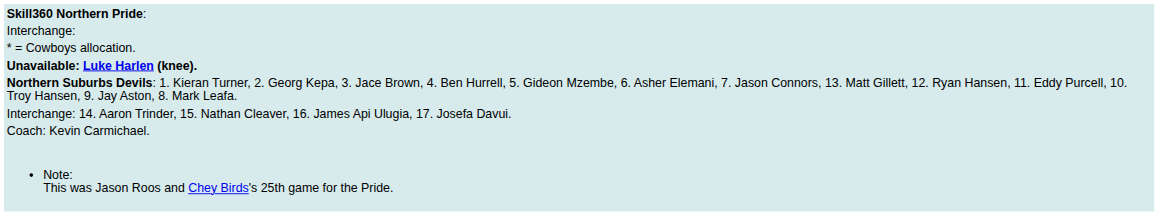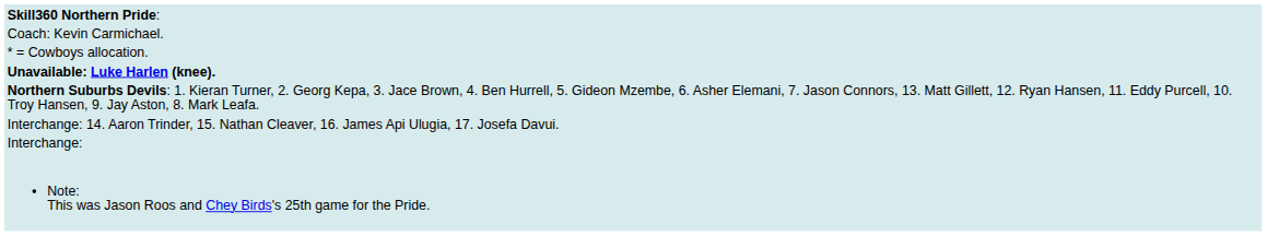 <table style="background:#d7ebed; font-size:85%; width:100%;">
 <tr>
 <td><strong>Skill360 Northern Pride</strong>:             </td>
 </tr>
 <tr>
-<td>Interchange:    </td>
+<td>Coach: Kevin Carmichael.</td>
 </tr>
 <tr>
 <td>* = Cowboys allocation.</td>
 </tr>
 <tr>
 <td><strong>Unavailable: <a href='#'>Luke Harlen</a> (knee).</strong></td>
 </tr>
 <tr>
 <td><strong>Northern Suburbs Devils</strong>: 1. Kieran Turner, 2. Georg Kepa, 3. Jace Brown, 4. Ben Hurrell, 5. Gideon Mzembe, 6. Asher Elemani, 7. Jason Connors, 13. Matt Gillett, 12. Ryan Hansen, 11. Eddy Purcell, 10. Troy Hansen, 9. Jay Aston, 8. Mark Leafa.</td>
 </tr>
 <tr>
 <td>Interchange: 14. Aaron Trinder, 15. Nathan Cleaver, 16. James Api Ulugia, 17. Josefa Davui.</td>
 </tr>
 <tr>
-<td>Coach: Kevin Carmichael.</td>
+<td>Interchange:    </td>
 </tr>
 <tr>
 <td><br><ul><li>Note: <br>This was Jason Roos and <a href='#'>Chey Birds</a>'s 25th game for the Pride.</li></ul></td>
 </tr>
 <tr>
 </tr>
 </table>
